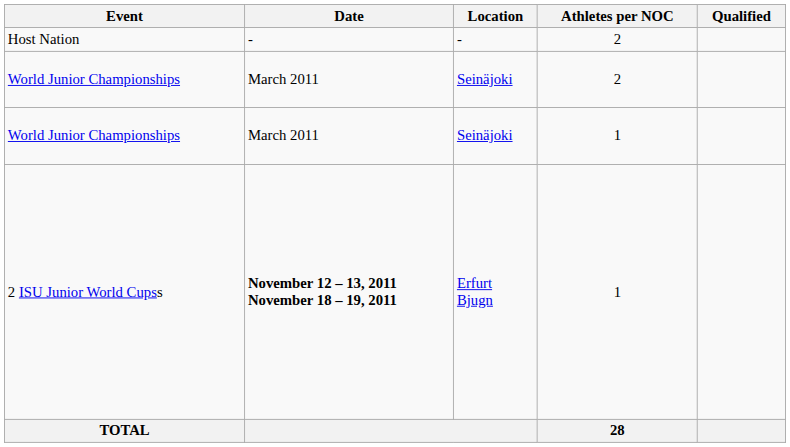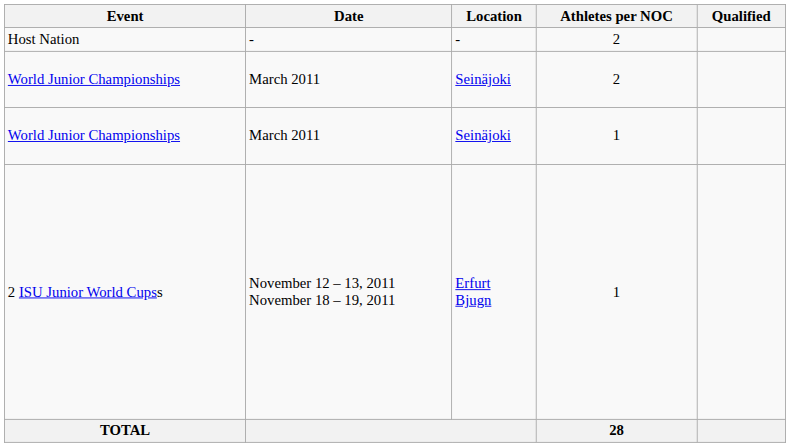 <table class="wikitable" width=850>
 <tr>
 <th>Event</th>
 <th>Date</th>
 <th>Location</th>
 <th>Athletes per NOC</th>
 <th>Qualified</th>
 </tr>
 <tr>
 <td>Host Nation</td>
 <td>-</td>
 <td>-</td>
 <td align=center>2</td>
 <td></td>
 </tr>
 <tr>
 <td><a href='#'>World Junior Championships</a></td>
 <td>March 2011</td>
 <td> <a href='#'>Seinäjoki</a></td>
 <td align=center>2</td>
 <td><br><br><br></td>
 </tr>
 <tr>
 <td><a href='#'>World Junior Championships</a></td>
 <td>March 2011</td>
 <td> <a href='#'>Seinäjoki</a></td>
 <td align=center>1</td>
 <td><br><s></s><br><br></td>
 </tr>
 <tr>
 <td>2 <a href='#'>ISU Junior World Cups</a>s</td>
-<td><strong>November 12 – 13, 2011<br>November 18 – 19, 2011</strong></td>
+<td>November 12 – 13, 2011<br>November 18 – 19, 2011</td>
 <td> <a href='#'>Erfurt</a><br> <a href='#'>Bjugn</a></td>
 <td align=center>1</td>
 <td><br><br><br><br><br><br><br><br><br><br><br><br><br><br><br><s></s></td>
 </tr>
 <tr>
 <th>TOTAL</th>
 <th colspan="2"></th>
 <th>28</th>
 <th></th>
 </tr>
 </table>
